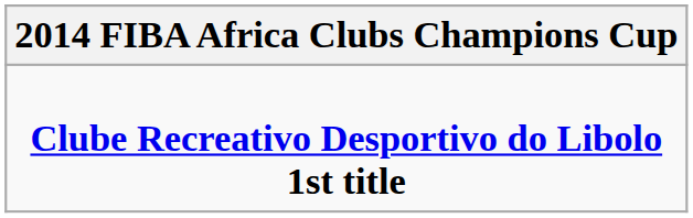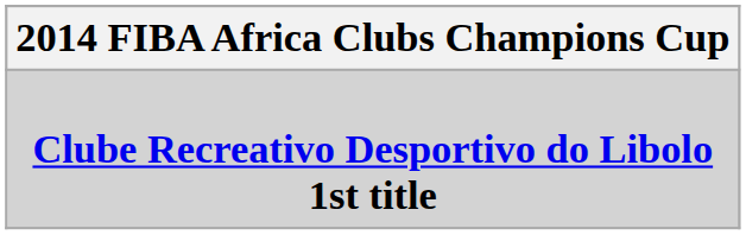 <table class=wikitable style="text-align:center; margin:auto">
 <tr>
 <th>2014 FIBA Africa Clubs Champions Cup</th>
 </tr>
 <tr>
-<td><br><strong><a href='#'>Clube Recreativo Desportivo do Libolo</a></strong><br><strong>1st title</strong></td>
+<td style="background: lightgrey;"><br><strong><a href='#'>Clube Recreativo Desportivo do Libolo</a></strong><br><strong>1st title</strong></td>
 </tr>
 </table>
